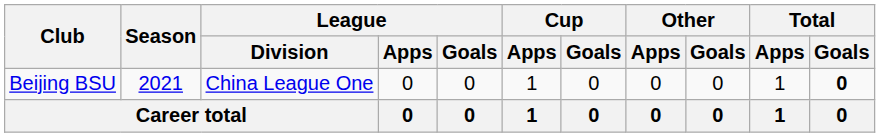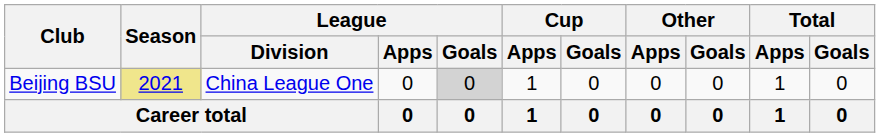 <table class="wikitable" style="text-align: center">
 <tr>
 <th rowspan="2">Club</th>
 <th rowspan="2">Season</th>
 <th colspan="3">League</th>
 <th colspan="2">Cup</th>
 <th colspan="2">Other</th>
 <th colspan="2">Total</th>
 </tr>
 <tr>
 <th>Division</th>
 <th>Apps</th>
 <th>Goals</th>
 <th>Apps</th>
 <th>Goals</th>
 <th>Apps</th>
 <th>Goals</th>
 <th>Apps</th>
 <th>Goals</th>
 </tr>
 <tr>
 <td><a href='#'>Beijing BSU</a></td>
-<td><a href='#'>2021</a></td>
+<td style="background: khaki;"><a href='#'>2021</a></td>
 <td><a href='#'>China League One</a></td>
 <td>0</td>
-<td>0</td>
+<td style="background: lightgrey;">0</td>
 <td>1</td>
 <td>0</td>
 <td>0</td>
 <td>0</td>
 <td>1</td>
-<td><strong>0</strong></td>
+<td>0</td>
 </tr>
 <tr>
 <th colspan=3>Career total</th>
 <th>0</th>
 <th>0</th>
 <th>1</th>
 <th>0</th>
 <th>0</th>
 <th>0</th>
 <th>1</th>
 <th>0</th>
 </tr>
 </table>
